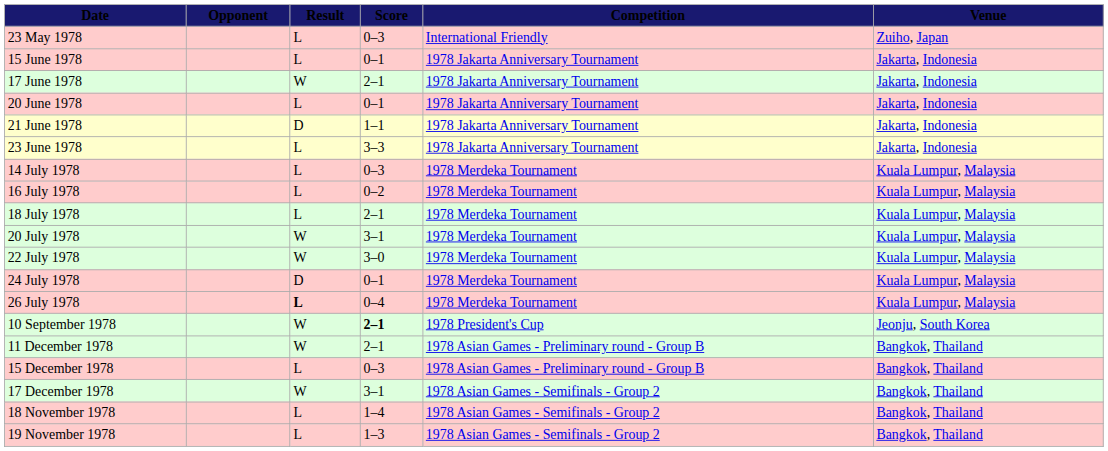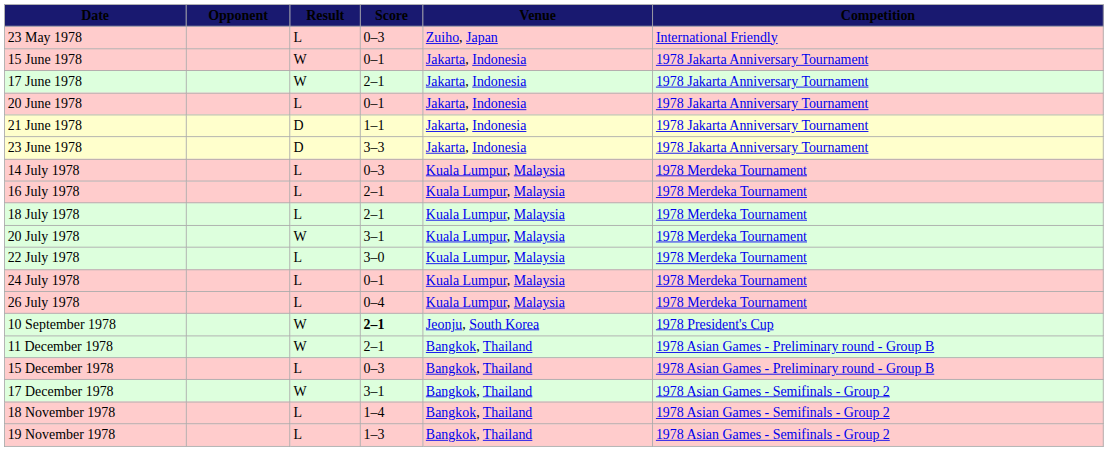 <table style="width:100%;" class="wikitable">
 <tr>
 <th style="background:#191970;"><span>Date</span></th>
 <th style="background:#191970;"><span>Opponent</span></th>
 <th style="background:#191970;"><span>Result</span></th>
 <th style="background:#191970;"><span>Score</span></th>
+<th style="background:#191970;"><span>Venue</span></th>
 <th style="background:#191970;"><span>Competition</span></th>
-<th style="background:#191970;"><span>Venue</span></th>
 </tr>
 <tr style="background:#fcc;">
 <td>23 May 1978</td>
 <td></td>
 <td>L</td>
 <td>0–3</td>
+<td> <a href='#'>Zuiho</a>, <a href='#'>Japan</a></td>
 <td><a href='#'>International Friendly</a></td>
-<td> <a href='#'>Zuiho</a>, <a href='#'>Japan</a></td>
 </tr>
 <tr style="background:#fcc;">
 <td>15 June 1978</td>
 <td></td>
-<td>L</td>
+<td>W</td>
 <td>0–1</td>
+<td> <a href='#'>Jakarta</a>, <a href='#'>Indonesia</a></td>
 <td><a href='#'>1978 Jakarta Anniversary Tournament</a></td>
-<td> <a href='#'>Jakarta</a>, <a href='#'>Indonesia</a></td>
 </tr>
 <tr style="background:#dfd;">
 <td>17 June 1978</td>
 <td></td>
 <td>W</td>
 <td>2–1</td>
+<td> <a href='#'>Jakarta</a>, <a href='#'>Indonesia</a></td>
 <td><a href='#'>1978 Jakarta Anniversary Tournament</a></td>
-<td> <a href='#'>Jakarta</a>, <a href='#'>Indonesia</a></td>
 </tr>
 <tr style="background:#fcc;">
 <td>20 June 1978</td>
 <td></td>
 <td>L</td>
 <td>0–1</td>
+<td> <a href='#'>Jakarta</a>, <a href='#'>Indonesia</a></td>
 <td><a href='#'>1978 Jakarta Anniversary Tournament</a></td>
-<td> <a href='#'>Jakarta</a>, <a href='#'>Indonesia</a></td>
 </tr>
 <tr style="background:#ffc;">
 <td>21 June 1978</td>
 <td></td>
 <td>D</td>
 <td>1–1</td>
+<td> <a href='#'>Jakarta</a>, <a href='#'>Indonesia</a></td>
 <td><a href='#'>1978 Jakarta Anniversary Tournament</a></td>
-<td> <a href='#'>Jakarta</a>, <a href='#'>Indonesia</a></td>
 </tr>
 <tr style="background:#ffc;">
 <td>23 June 1978</td>
 <td></td>
-<td>L</td>
+<td>D</td>
 <td>3–3</td>
+<td> <a href='#'>Jakarta</a>, <a href='#'>Indonesia</a></td>
 <td><a href='#'>1978 Jakarta Anniversary Tournament</a></td>
-<td> <a href='#'>Jakarta</a>, <a href='#'>Indonesia</a></td>
 </tr>
 <tr style="background:#fcc;">
 <td>14 July 1978</td>
 <td></td>
 <td>L</td>
 <td>0–3</td>
+<td> <a href='#'>Kuala Lumpur</a>, <a href='#'>Malaysia</a></td>
 <td><a href='#'>1978 Merdeka Tournament</a></td>
-<td> <a href='#'>Kuala Lumpur</a>, <a href='#'>Malaysia</a></td>
 </tr>
 <tr style="background:#fcc;">
 <td>16 July 1978</td>
 <td></td>
 <td>L</td>
-<td>0–2</td>
+<td>2–1</td>
+<td> <a href='#'>Kuala Lumpur</a>, <a href='#'>Malaysia</a></td>
 <td><a href='#'>1978 Merdeka Tournament</a></td>
-<td> <a href='#'>Kuala Lumpur</a>, <a href='#'>Malaysia</a></td>
 </tr>
 <tr style="background:#dfd;">
 <td>18 July 1978</td>
 <td></td>
 <td>L</td>
 <td>2–1</td>
+<td> <a href='#'>Kuala Lumpur</a>, <a href='#'>Malaysia</a></td>
 <td><a href='#'>1978 Merdeka Tournament</a></td>
-<td> <a href='#'>Kuala Lumpur</a>, <a href='#'>Malaysia</a></td>
 </tr>
 <tr style="background:#dfd;">
 <td>20 July 1978</td>
 <td></td>
 <td>W</td>
 <td>3–1</td>
+<td> <a href='#'>Kuala Lumpur</a>, <a href='#'>Malaysia</a></td>
 <td><a href='#'>1978 Merdeka Tournament</a></td>
-<td> <a href='#'>Kuala Lumpur</a>, <a href='#'>Malaysia</a></td>
 </tr>
 <tr style="background:#dfd;">
 <td>22 July 1978</td>
 <td></td>
-<td>W</td>
+<td>L</td>
 <td>3–0</td>
+<td> <a href='#'>Kuala Lumpur</a>, <a href='#'>Malaysia</a></td>
 <td><a href='#'>1978 Merdeka Tournament</a></td>
-<td> <a href='#'>Kuala Lumpur</a>, <a href='#'>Malaysia</a></td>
 </tr>
 <tr style="background:#fcc;">
 <td>24 July 1978</td>
 <td></td>
-<td>D</td>
+<td>L</td>
 <td>0–1</td>
+<td> <a href='#'>Kuala Lumpur</a>, <a href='#'>Malaysia</a></td>
 <td><a href='#'>1978 Merdeka Tournament</a></td>
-<td> <a href='#'>Kuala Lumpur</a>, <a href='#'>Malaysia</a></td>
 </tr>
 <tr style="background:#fcc;">
 <td>26 July 1978</td>
 <td></td>
-<td><strong>L</strong></td>
+<td>L</td>
 <td>0–4</td>
+<td> <a href='#'>Kuala Lumpur</a>, <a href='#'>Malaysia</a></td>
 <td><a href='#'>1978 Merdeka Tournament</a></td>
-<td> <a href='#'>Kuala Lumpur</a>, <a href='#'>Malaysia</a></td>
 </tr>
 <tr style="background:#dfd;">
 <td>10 September 1978</td>
 <td></td>
 <td>W</td>
 <td><strong>2–1</strong></td>
+<td> <a href='#'>Jeonju</a>, <a href='#'>South Korea</a></td>
 <td><a href='#'>1978 President's Cup</a></td>
-<td> <a href='#'>Jeonju</a>, <a href='#'>South Korea</a></td>
 </tr>
 <tr style="background:#dfd;">
 <td>11 December 1978</td>
 <td></td>
 <td>W</td>
 <td>2–1</td>
+<td> <a href='#'>Bangkok</a>, <a href='#'>Thailand</a></td>
 <td><a href='#'>1978 Asian Games - Preliminary round - Group B</a></td>
-<td> <a href='#'>Bangkok</a>, <a href='#'>Thailand</a></td>
 </tr>
 <tr style="background:#fcc;">
 <td>15 December 1978</td>
 <td></td>
 <td>L</td>
 <td>0–3</td>
+<td> <a href='#'>Bangkok</a>, <a href='#'>Thailand</a></td>
 <td><a href='#'>1978 Asian Games - Preliminary round - Group B</a></td>
-<td> <a href='#'>Bangkok</a>, <a href='#'>Thailand</a></td>
 </tr>
 <tr style="background:#dfd;">
 <td>17 December 1978</td>
 <td></td>
 <td>W</td>
 <td>3–1</td>
+<td> <a href='#'>Bangkok</a>, <a href='#'>Thailand</a></td>
 <td><a href='#'>1978 Asian Games - Semifinals - Group 2</a></td>
-<td> <a href='#'>Bangkok</a>, <a href='#'>Thailand</a></td>
 </tr>
 <tr style="background:#fcc;">
 <td>18 November 1978</td>
 <td></td>
 <td>L</td>
 <td>1–4</td>
+<td> <a href='#'>Bangkok</a>, <a href='#'>Thailand</a></td>
 <td><a href='#'>1978 Asian Games - Semifinals - Group 2</a></td>
-<td> <a href='#'>Bangkok</a>, <a href='#'>Thailand</a></td>
 </tr>
 <tr style="background:#fcc;">
 <td>19 November 1978</td>
 <td></td>
 <td>L</td>
 <td>1–3</td>
+<td> <a href='#'>Bangkok</a>, <a href='#'>Thailand</a></td>
 <td><a href='#'>1978 Asian Games - Semifinals - Group 2</a></td>
-<td> <a href='#'>Bangkok</a>, <a href='#'>Thailand</a></td>
 </tr>
 </table>
